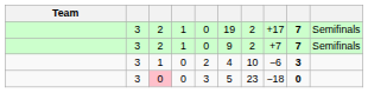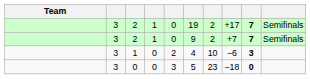 <table class="wikitable" style="text-align: center; font-size:90% ">
 <tr>
 <th width=160>Team</th>
 <th width=25></th>
 <th width=25></th>
 <th width=25></th>
 <th width=25></th>
 <th width=25></th>
 <th width=25></th>
 <th width=25></th>
 <th width=25></th>
 <th width=25></th>
 </tr>
 <tr bgcolor="ccffcc">
 <td align=left></td>
 <td>3</td>
 <td>2</td>
 <td>1</td>
 <td>0</td>
 <td>19</td>
 <td>2</td>
 <td>+17</td>
 <td><strong>7</strong></td>
 <td>Semifinals</td>
 </tr>
 <tr bgcolor="ccffcc">
 <td align=left></td>
 <td>3</td>
 <td>2</td>
 <td>1</td>
 <td>0</td>
 <td>9</td>
 <td>2</td>
 <td>+7</td>
 <td><strong>7</strong></td>
 <td>Semifinals</td>
 </tr>
 <tr>
 <td align=left></td>
 <td>3</td>
 <td>1</td>
 <td>0</td>
 <td>2</td>
 <td>4</td>
 <td>10</td>
 <td>−6</td>
 <td><strong>3</strong></td>
 <td></td>
 </tr>
 <tr>
 <td align=left></td>
 <td>3</td>
-<td style="background: pink;">0</td>
+<td>0</td>
 <td>0</td>
 <td>3</td>
 <td>5</td>
 <td>23</td>
 <td>−18</td>
 <td><strong>0</strong></td>
 <td></td>
 </tr>
 </table>
